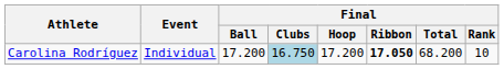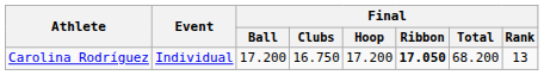 <table class="wikitable" style="font-size:90%">
 <tr>
 <th rowspan="2">Athlete</th>
 <th rowspan="2">Event</th>
 <th colspan="6">Final</th>
 </tr>
 <tr style="font-size:95%">
 <th>Ball</th>
 <th>Clubs</th>
 <th>Hoop</th>
 <th>Ribbon</th>
 <th>Total</th>
 <th>Rank</th>
 </tr>
 <tr align=center>
 <td align=left><a href='#'>Carolina Rodríguez</a></td>
 <td align=left><a href='#'>Individual</a></td>
 <td>17.200</td>
-<td style="background: lightblue;">16.750</td>
+<td>16.750</td>
 <td>17.200</td>
 <td><strong>17.050</strong></td>
 <td>68.200</td>
-<td>10</td>
+<td>13</td>
 </tr>
 </table>
